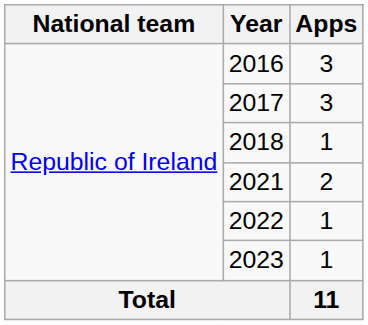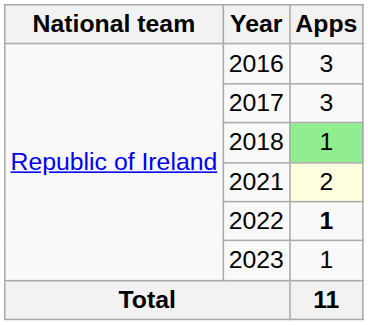 <table class="sortable wikitable" style="text-align:center">
 <tr>
 <th scope="col">National team</th>
 <th scope="col">Year</th>
 <th !scope="col">Apps</th>
 </tr>
 <tr>
 <td rowspan="6"><a href='#'>Republic of Ireland</a></td>
 <td scope="row">2016</td>
 <td>3</td>
 </tr>
 <tr>
 <td scope="row">2017</td>
 <td>3</td>
 </tr>
 <tr>
 <td scope="row">2018</td>
-<td>1</td>
+<td style="background: lightgreen;">1</td>
 </tr>
 <tr>
 <td scope="row">2021</td>
-<td>2</td>
+<td style="background: lightyellow;">2</td>
 </tr>
 <tr>
 <td scope="row">2022</td>
-<td>1</td>
+<td><strong>1</strong></td>
 </tr>
 <tr>
 <td scope="row">2023</td>
 <td>1</td>
 </tr>
 <tr>
 <th colspan="2">Total</th>
 <th>11</th>
 </tr>
 </table>
